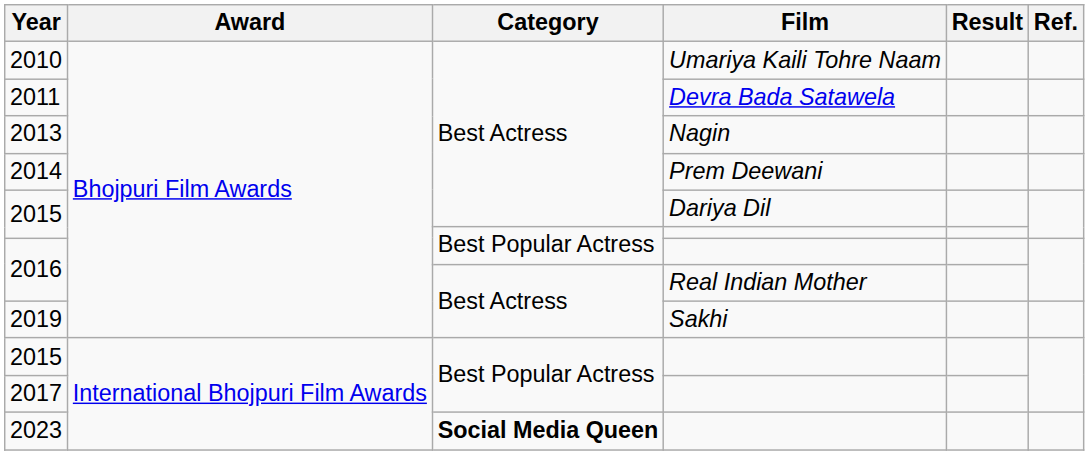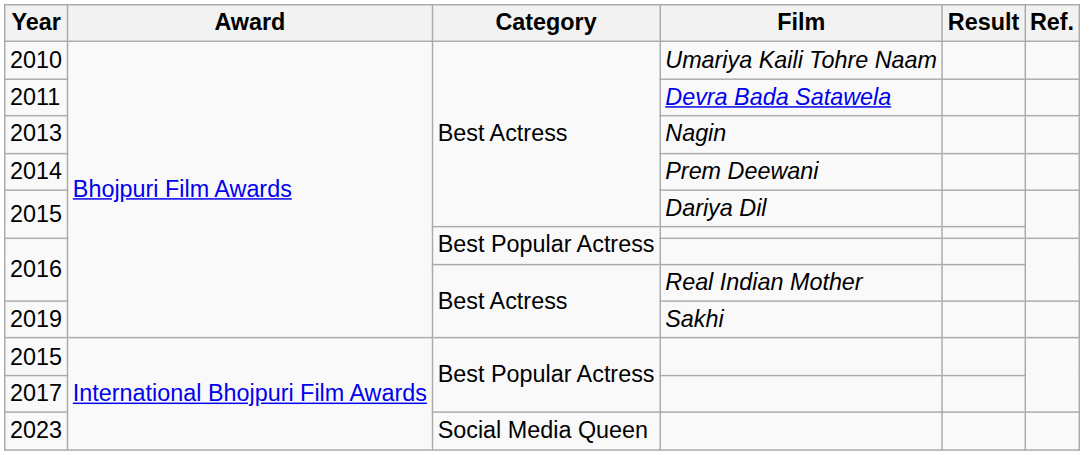 <table class="wikitable">
 <tr>
 <th>Year</th>
 <th>Award</th>
 <th>Category</th>
 <th>Film</th>
 <th>Result</th>
 <th>Ref.</th>
 </tr>
 <tr>
 <td>2010</td>
 <td rowspan="9"><a href='#'>Bhojpuri Film Awards</a></td>
 <td rowspan="5">Best Actress</td>
 <td><em>Umariya Kaili Tohre Naam</em></td>
 <td></td>
 <td></td>
 </tr>
 <tr>
 <td>2011</td>
 <td><em><a href='#'>Devra Bada Satawela</a></em></td>
 <td></td>
 <td></td>
 </tr>
 <tr>
 <td>2013</td>
 <td><em>Nagin</em></td>
 <td></td>
 <td></td>
 </tr>
 <tr>
 <td>2014</td>
 <td><em>Prem Deewani</em></td>
 <td></td>
 <td></td>
 </tr>
 <tr>
 <td rowspan="2">2015</td>
 <td><em>Dariya Dil</em></td>
 <td></td>
 <td rowspan="2"></td>
 </tr>
 <tr>
 <td rowspan="2">Best Popular Actress</td>
 <td></td>
 <td></td>
 </tr>
 <tr>
 <td rowspan="2">2016</td>
 <td></td>
 <td></td>
 <td rowspan="2"></td>
 </tr>
 <tr>
 <td rowspan="2">Best Actress</td>
 <td><em>Real Indian Mother</em></td>
 <td></td>
 </tr>
 <tr>
 <td>2019</td>
 <td><em>Sakhi</em></td>
 <td></td>
 <td></td>
 </tr>
 <tr>
 <td>2015</td>
 <td rowspan="3"><a href='#'>International Bhojpuri Film Awards</a></td>
 <td rowspan="2">Best Popular Actress</td>
 <td></td>
 <td></td>
 <td rowspan="2"></td>
 </tr>
 <tr>
 <td>2017</td>
 <td></td>
 <td></td>
 </tr>
 <tr>
 <td>2023</td>
-<td><strong>Social Media Queen</strong></td>
+<td>Social Media Queen</td>
 <td></td>
 <td></td>
 <td></td>
 </tr>
 </table>
